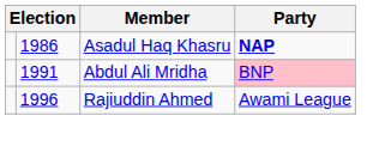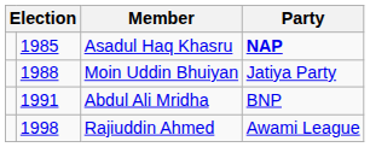 <table class="wikitable">
 <tr>
 <th colspan="2">Election</th>
 <th>Member</th>
 <th>Party</th>
 </tr>
 <tr>
 <td style="background-color:"></td>
-<td><a href='#'>1986</a></td>
+<td><a href='#'>1985</a></td>
 <td><a href='#'>Asadul Haq Khasru</a></td>
 <td><strong><a href='#'>NAP</a></strong></td>
 </tr>
 <tr>
 <td style="background-color:"></td>
+<td><a href='#'>1988</a></td>
+<td><a href='#'>Moin Uddin Bhuiyan</a></td>
+<td><a href='#'>Jatiya Party</a></td>
+</tr>
+<tr>
+<td style="background-color:"></td>
 <td><a href='#'>1991</a></td>
 <td><a href='#'>Abdul Ali Mridha</a></td>
-<td style="background: pink;"><a href='#'>BNP</a></td>
+<td><a href='#'>BNP</a></td>
 </tr>
 <tr>
 <td rowspan="6" style="background-color:"></td>
-<td><a href='#'>1996</a></td>
+<td><a href='#'>1998</a></td>
 <td><a href='#'> Rajiuddin Ahmed</a></td>
 <td><a href='#'>Awami League</a></td>
 </tr>
 </table>
